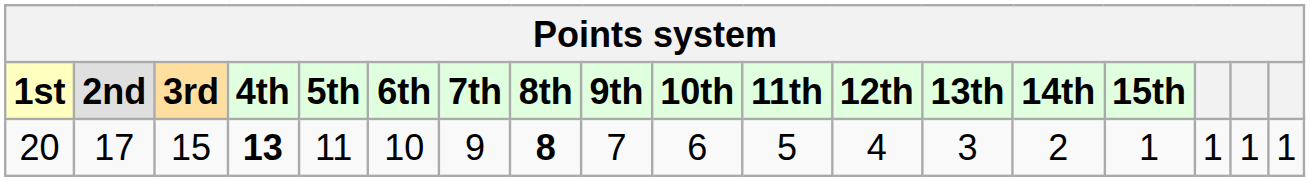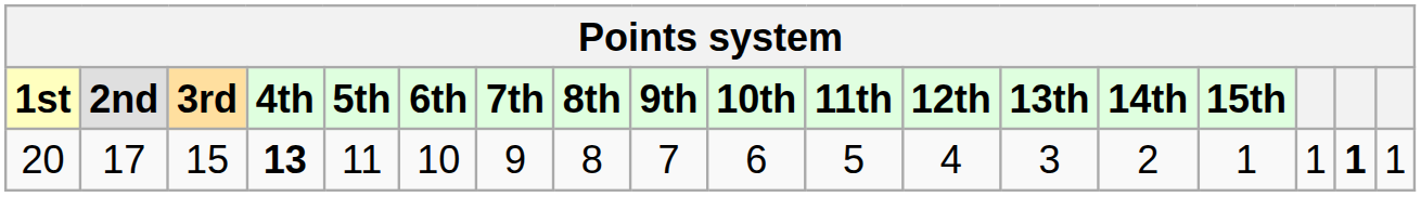 <table class="wikitable" style="font-size:95%; text-align:center">
 <tr>
 <th colspan="19">Points system</th>
 </tr>
 <tr>
 <td style="background:#ffffbf;"><strong>1st</strong></td>
 <td style="background:#dfdfdf;"><strong>2nd</strong></td>
 <td style="background:#ffdf9f;"><strong>3rd</strong></td>
 <td style="background:#dfffdf;"><strong>4th</strong></td>
 <td style="background:#dfffdf;"><strong>5th</strong></td>
 <td style="background:#dfffdf;"><strong>6th</strong></td>
 <td style="background:#dfffdf;"><strong>7th</strong></td>
 <td style="background:#dfffdf;"><strong>8th</strong></td>
 <td style="background:#dfffdf;"><strong>9th</strong></td>
 <td style="background:#dfffdf;"><strong>10th</strong></td>
 <td style="background:#dfffdf;"><strong>11th</strong></td>
 <td style="background:#dfffdf;"><strong>12th</strong></td>
 <td style="background:#dfffdf;"><strong>13th</strong></td>
 <td style="background:#dfffdf;"><strong>14th</strong></td>
 <td style="background:#dfffdf;"><strong>15th</strong></td>
 <th></th>
 <th></th>
 <th></th>
 </tr>
 <tr>
 <td>20</td>
 <td>17</td>
 <td>15</td>
 <td><strong>13</strong></td>
 <td>11</td>
 <td>10</td>
 <td>9</td>
-<td><strong>8</strong></td>
+<td>8</td>
 <td>7</td>
 <td>6</td>
 <td>5</td>
 <td>4</td>
 <td>3</td>
 <td>2</td>
 <td>1</td>
 <td>1</td>
-<td>1</td>
+<td><strong>1</strong></td>
 <td>1</td>
 </tr>
 </table>
